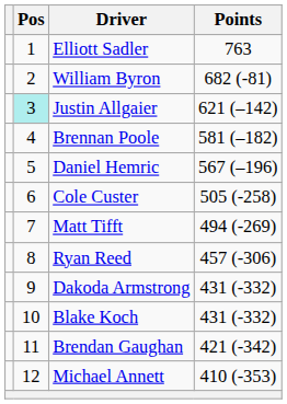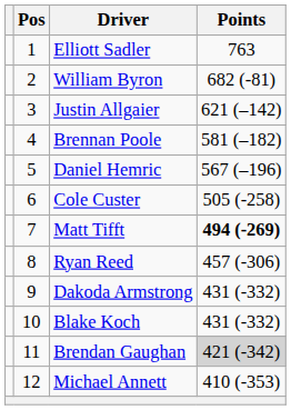 <table class="wikitable" style="font-size: 95%;">
 <tr>
 <th></th>
 <th>Pos</th>
 <th>Driver</th>
 <th>Points</th>
 </tr>
 <tr>
 <td align="left"></td>
 <td style="text-align:center;">1</td>
 <td><a href='#'>Elliott Sadler</a></td>
 <td style="text-align:center;">763</td>
 </tr>
 <tr>
 <td align="left"></td>
 <td style="text-align:center;">2</td>
 <td><a href='#'>William Byron</a></td>
 <td style="text-align:center;">682 (-81)</td>
 </tr>
 <tr>
 <td align="left"></td>
-<td style="background: paleturquoise; text-align:center;">3</td>
+<td style="text-align:center;">3</td>
 <td><a href='#'>Justin Allgaier</a></td>
 <td style="text-align:center;">621 (–142)</td>
 </tr>
 <tr>
 <td align="left"></td>
 <td style="text-align:center;">4</td>
 <td><a href='#'>Brennan Poole</a></td>
 <td style="text-align:center;">581 (–182)</td>
 </tr>
 <tr>
 <td align="left"></td>
 <td style="text-align:center;">5</td>
 <td><a href='#'>Daniel Hemric</a></td>
 <td style="text-align:center;">567 (–196)</td>
 </tr>
 <tr>
 <td align="left"></td>
 <td style="text-align:center;">6</td>
 <td><a href='#'>Cole Custer</a></td>
 <td style="text-align:center;">505 (-258)</td>
 </tr>
 <tr>
 <td align="left"></td>
 <td style="text-align:center;">7</td>
 <td><a href='#'>Matt Tifft</a></td>
-<td style="text-align:center;">494 (-269)</td>
+<td style="text-align:center;"><strong>494 (-269)</strong></td>
 </tr>
 <tr>
 <td align="left"></td>
 <td style="text-align:center;">8</td>
 <td><a href='#'>Ryan Reed</a></td>
 <td style="text-align:center;">457 (-306)</td>
 </tr>
 <tr>
 <td align="left"></td>
 <td style="text-align:center;">9</td>
 <td><a href='#'>Dakoda Armstrong</a></td>
 <td style="text-align:center;">431 (-332)</td>
 </tr>
 <tr>
 <td align="left"></td>
 <td style="text-align:center;">10</td>
 <td><a href='#'>Blake Koch</a></td>
 <td style="text-align:center;">431 (-332)</td>
 </tr>
 <tr>
 <td align="left"></td>
 <td style="text-align:center;">11</td>
 <td><a href='#'>Brendan Gaughan</a></td>
-<td style="text-align:center;">421 (-342)</td>
+<td style="background: lightgrey; text-align:center;">421 (-342)</td>
 </tr>
 <tr>
 <td align="left"></td>
 <td style="text-align:center;">12</td>
 <td><a href='#'>Michael Annett</a></td>
 <td style="text-align:center;">410 (-353)</td>
 </tr>
 <tr class="sortbottom">
 <th colspan="9"></th>
 </tr>
 </table>
